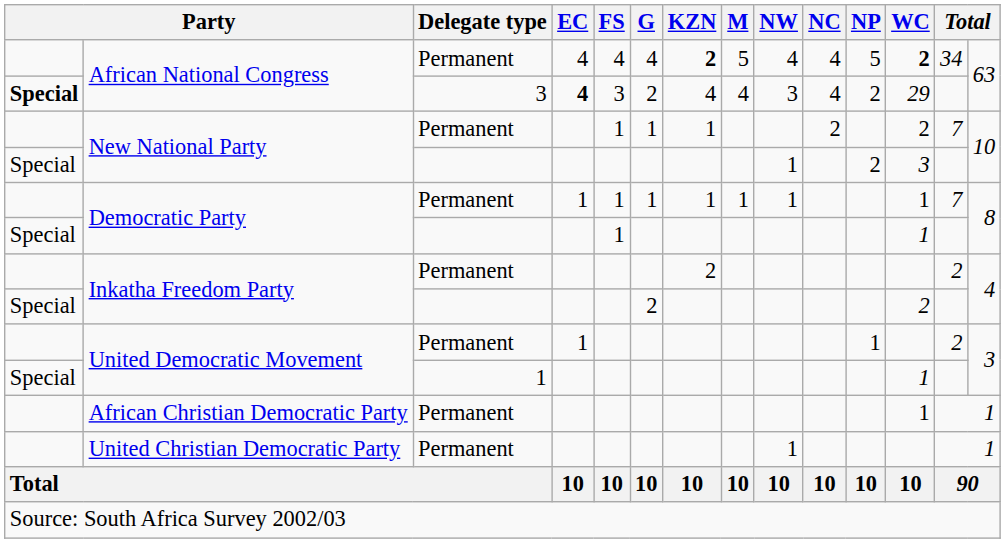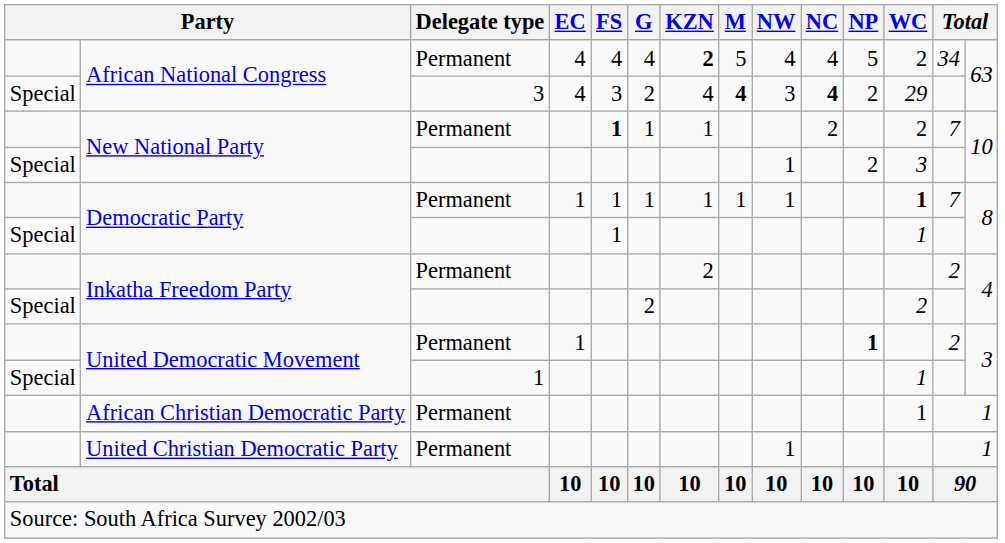 <table class=wikitable style=text-align:right>
 <tr>
 <th colspan=2>Party</th>
 <th>Delegate type</th>
 <th><a href='#'>EC</a></th>
 <th><a href='#'>FS</a></th>
 <th><a href='#'>G</a></th>
 <th><a href='#'>KZN</a></th>
 <th><a href='#'>M</a></th>
 <th><a href='#'>NW</a></th>
 <th><a href='#'>NC</a></th>
 <th><a href='#'>NP</a></th>
 <th><a href='#'>WC</a></th>
 <th colspan=2><em>Total</em></th>
 </tr>
 <tr>
 <td bgcolor=></td>
 <td align=left rowspan=2><a href='#'>African National Congress</a></td>
 <td align=left>Permanent</td>
 <td>4</td>
 <td>4</td>
 <td>4</td>
 <td><strong>2</strong></td>
 <td>5</td>
 <td>4</td>
 <td>4</td>
 <td>5</td>
-<td><strong>2</strong></td>
+<td>2</td>
 <td><em>34</em></td>
 <td rowspan=2><em>63</em></td>
 </tr>
 <tr>
-<td align=left><strong>Special</strong></td>
+<td align=left>Special</td>
 <td>3</td>
-<td><strong>4</strong></td>
+<td>4</td>
 <td>3</td>
 <td>2</td>
 <td>4</td>
-<td>4</td>
+<td><strong>4</strong></td>
 <td>3</td>
-<td>4</td>
+<td><strong>4</strong></td>
 <td>2</td>
 <td><em>29</em></td>
 </tr>
 <tr>
 <td bgcolor=></td>
 <td align=left rowspan=2><a href='#'>New National Party</a></td>
 <td align=left>Permanent</td>
 <td></td>
-<td>1</td>
+<td><strong>1</strong></td>
 <td>1</td>
 <td>1</td>
 <td></td>
 <td></td>
 <td>2</td>
 <td></td>
 <td>2</td>
 <td><em>7</em></td>
 <td rowspan=2><em>10</em></td>
 </tr>
 <tr>
 <td align=left>Special</td>
 <td></td>
 <td></td>
 <td></td>
 <td></td>
 <td></td>
 <td></td>
 <td>1</td>
 <td></td>
 <td>2</td>
 <td><em>3</em></td>
 </tr>
 <tr>
 <td bgcolor=></td>
 <td align=left rowspan=2><a href='#'>Democratic Party</a></td>
 <td align=left>Permanent</td>
 <td>1</td>
 <td>1</td>
 <td>1</td>
 <td>1</td>
 <td>1</td>
 <td>1</td>
 <td></td>
 <td></td>
-<td>1</td>
+<td><strong>1</strong></td>
 <td><em>7</em></td>
 <td rowspan=2><em>8</em></td>
 </tr>
 <tr>
 <td align=left>Special</td>
 <td></td>
 <td></td>
 <td>1</td>
 <td></td>
 <td></td>
 <td></td>
 <td></td>
 <td></td>
 <td></td>
 <td><em>1</em></td>
 </tr>
 <tr>
 <td bgcolor=></td>
 <td align=left rowspan=2><a href='#'>Inkatha Freedom Party</a></td>
 <td align=left>Permanent</td>
 <td></td>
 <td></td>
 <td></td>
 <td>2</td>
 <td></td>
 <td></td>
 <td></td>
 <td></td>
 <td></td>
 <td><em>2</em></td>
 <td rowspan=2><em>4</em></td>
 </tr>
 <tr>
 <td align=left>Special</td>
 <td></td>
 <td></td>
 <td></td>
 <td>2</td>
 <td></td>
 <td></td>
 <td></td>
 <td></td>
 <td></td>
 <td><em>2</em></td>
 </tr>
 <tr>
 <td bgcolor=></td>
 <td align=left rowspan=2><a href='#'>United Democratic Movement</a></td>
 <td align=left>Permanent</td>
 <td>1</td>
 <td></td>
 <td></td>
 <td></td>
 <td></td>
 <td></td>
 <td></td>
-<td>1</td>
+<td><strong>1</strong></td>
 <td></td>
 <td><em>2</em></td>
 <td rowspan=2><em>3</em></td>
 </tr>
 <tr>
 <td align=left>Special</td>
 <td>1</td>
 <td></td>
 <td></td>
 <td></td>
 <td></td>
 <td></td>
 <td></td>
 <td></td>
 <td></td>
 <td><em>1</em></td>
 </tr>
 <tr>
 <td bgcolor=></td>
 <td align=left><a href='#'>African Christian Democratic Party</a></td>
 <td align=left>Permanent</td>
 <td></td>
 <td></td>
 <td></td>
 <td></td>
 <td></td>
 <td></td>
 <td></td>
 <td></td>
 <td>1</td>
 <td colspan=2><em>1</em></td>
 </tr>
 <tr>
 <td bgcolor=></td>
 <td align=left><a href='#'>United Christian Democratic Party</a></td>
 <td align=left>Permanent</td>
 <td></td>
 <td></td>
 <td></td>
 <td></td>
 <td></td>
 <td>1</td>
 <td></td>
 <td></td>
 <td></td>
 <td colspan=2><em>1</em></td>
 </tr>
 <tr>
 <th colspan="3" style="text-align:left">Total</th>
 <th>10</th>
 <th>10</th>
 <th>10</th>
 <th>10</th>
 <th>10</th>
 <th>10</th>
 <th>10</th>
 <th>10</th>
 <th>10</th>
 <th colspan=2><em>90</em></th>
 </tr>
 <tr>
 <td align=left colspan=14>Source: South Africa Survey 2002/03</td>
 </tr>
 </table>
